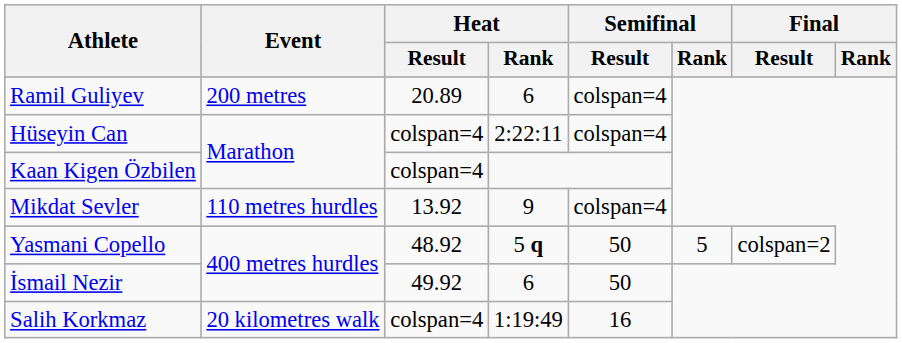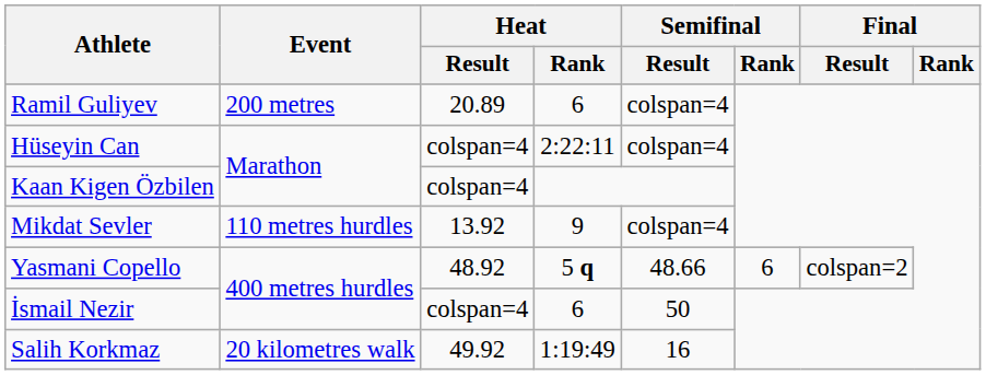 <table class="wikitable" style="font-size:90%">
 <tr>
 <th rowspan="2">Athlete</th>
 <th rowspan="2">Event</th>
 <th colspan="2">Heat</th>
 <th colspan="2">Semifinal</th>
 <th colspan="2">Final</th>
 </tr>
 <tr style="font-size:95%">
 <th>Result</th>
 <th>Rank</th>
 <th>Result</th>
 <th>Rank</th>
 <th>Result</th>
 <th>Rank</th>
 </tr>
 <tr align=center>
 <td align=left><a href='#'>Ramil Guliyev</a></td>
 <td align=left><a href='#'>200 metres</a></td>
 <td>20.89</td>
 <td>6</td>
 <td>colspan=4 </td>
 </tr>
 <tr align=center>
 <td align=left><a href='#'>Hüseyin Can</a></td>
 <td align=left rowspan=2><a href='#'>Marathon</a></td>
 <td>colspan=4</td>
 <td>2:22:11 </td>
 <td>colspan=4 </td>
 </tr>
 <tr align=center>
 <td align=left><a href='#'>Kaan Kigen Özbilen</a></td>
 <td>colspan=4</td>
 <td colspan=2></td>
 </tr>
 <tr align=center>
 <td align=left><a href='#'>Mikdat Sevler</a></td>
 <td align=left><a href='#'>110 metres hurdles</a></td>
 <td>13.92</td>
 <td>9</td>
 <td>colspan=4 </td>
 </tr>
 <tr align=center>
 <td align=left><a href='#'>Yasmani Copello</a></td>
 <td align=left rowspan=2><a href='#'>400 metres hurdles</a></td>
 <td>48.92</td>
 <td>5 <strong>q</strong></td>
-<td>50</td>
-<td>5</td>
+<td>48.66 </td>
+<td>6</td>
 <td>colspan=2 </td>
 </tr>
 <tr align=center>
 <td align=left><a href='#'>İsmail Nezir</a></td>
-<td>49.92</td>
+<td>colspan=4</td>
 <td>6</td>
 <td>50</td>
 </tr>
 <tr align=center>
 <td align=left><a href='#'>Salih Korkmaz</a></td>
 <td align=left><a href='#'>20 kilometres walk</a></td>
-<td>colspan=4</td>
+<td>49.92</td>
 <td>1:19:49 </td>
 <td>16</td>
 </tr>
 </table>
